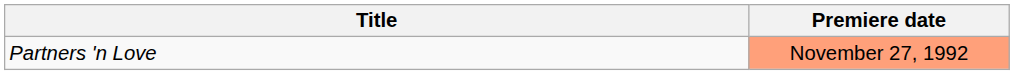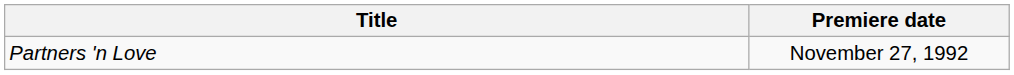 <table class="wikitable plainrowheaders sortable" style="width:50%;text-align:center;">
 <tr>
 <th scope="col" style="width:40%;">Title</th>
 <th scope="col" style="width:14%;">Premiere date</th>
 </tr>
 <tr>
 <td scope="row" style="text-align:left;"><em>Partners 'n Love</em></td>
-<td style="background: lightsalmon;">November 27, 1992</td>
+<td>November 27, 1992</td>
 </tr>
 </table>
